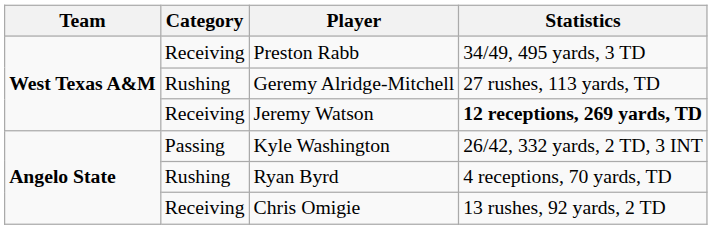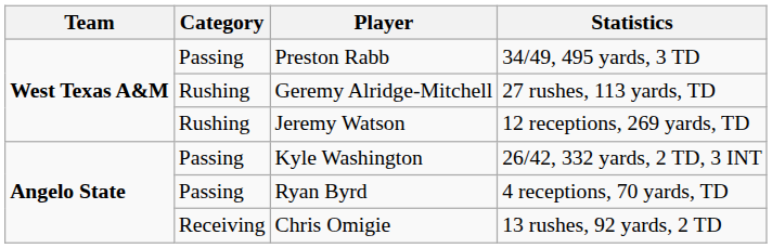 <table class="wikitable" style="float: left;">
 <tr>
 <th>Team</th>
 <th>Category</th>
 <th>Player</th>
 <th>Statistics</th>
 </tr>
 <tr>
 <td rowspan=3><strong>West Texas A&M</strong></td>
-<td>Receiving</td>
+<td>Passing</td>
 <td>Preston Rabb</td>
 <td>34/49, 495 yards, 3 TD</td>
 </tr>
 <tr>
 <td>Rushing</td>
 <td>Geremy Alridge-Mitchell</td>
 <td>27 rushes, 113 yards, TD</td>
 </tr>
 <tr>
-<td>Receiving</td>
+<td>Rushing</td>
 <td>Jeremy Watson</td>
-<td><strong>12 receptions, 269 yards, TD</strong></td>
+<td>12 receptions, 269 yards, TD</td>
 </tr>
 <tr>
 <td rowspan=3><strong>Angelo State</strong></td>
 <td>Passing</td>
 <td>Kyle Washington</td>
 <td>26/42, 332 yards, 2 TD, 3 INT</td>
 </tr>
 <tr>
-<td>Rushing</td>
+<td>Passing</td>
 <td>Ryan Byrd</td>
 <td>4 receptions, 70 yards, TD</td>
 </tr>
 <tr>
 <td>Receiving</td>
 <td>Chris Omigie</td>
 <td>13 rushes, 92 yards, 2 TD</td>
 </tr>
 </table>
